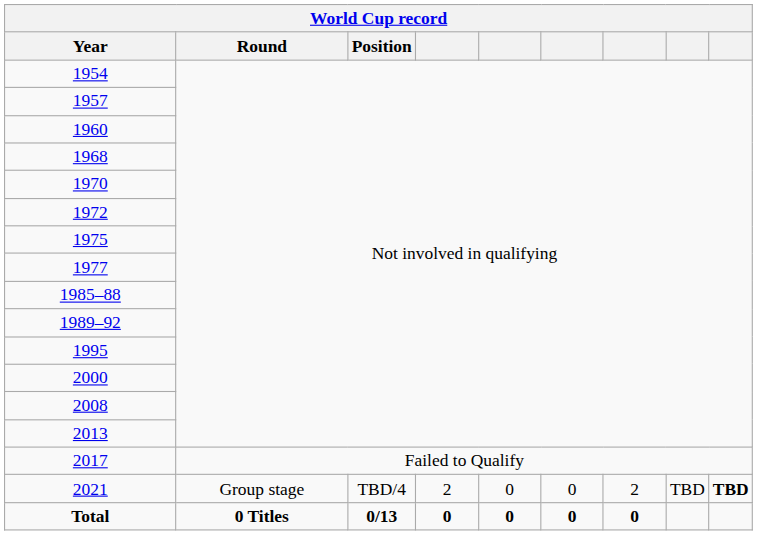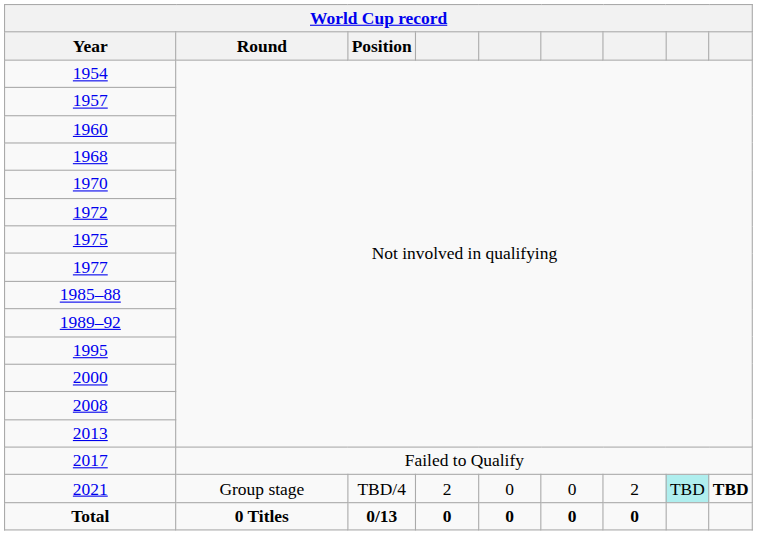 <table class="wikitable" style="text-align: center;">
 <tr>
 <th colspan="9"><a href='#'>World Cup record</a></th>
 </tr>
 <tr>
 <th width="150">Year</th>
 <th width="150">Round</th>
 <th width="50">Position</th>
 <th width="50"></th>
 <th width="50"></th>
 <th width="50"></th>
 <th width="50"></th>
 <th></th>
 <th></th>
 </tr>
 <tr>
 <td> <a href='#'>1954</a></td>
 <td colspan="8" rowspan="14">Not involved in qualifying</td>
 </tr>
 <tr>
 <td> <a href='#'>1957</a></td>
 </tr>
 <tr>
 <td> <a href='#'>1960</a></td>
 </tr>
 <tr>
 <td>  <a href='#'>1968</a></td>
 </tr>
 <tr>
 <td> <a href='#'>1970</a></td>
 </tr>
 <tr>
 <td> <a href='#'>1972</a></td>
 </tr>
 <tr>
 <td><a href='#'>1975</a></td>
 </tr>
 <tr>
 <td>  <a href='#'>1977</a></td>
 </tr>
 <tr>
 <td><a href='#'>1985–88</a></td>
 </tr>
 <tr>
 <td><a href='#'>1989–92</a></td>
 </tr>
 <tr>
 <td> <a href='#'>1995</a></td>
 </tr>
 <tr>
 <td>  <a href='#'>2000</a></td>
 </tr>
 <tr>
 <td> <a href='#'>2008</a></td>
 </tr>
 <tr>
 <td> <a href='#'>2013</a></td>
 </tr>
 <tr>
 <td> <a href='#'>2017</a></td>
 <td colspan="8">Failed to Qualify</td>
 </tr>
 <tr>
 <td> <a href='#'>2021</a></td>
 <td>Group stage</td>
 <td>TBD/4</td>
 <td>2</td>
 <td>0</td>
 <td>0</td>
 <td>2</td>
-<td>TBD</td>
+<td style="background: paleturquoise;">TBD</td>
 <td><strong>TBD</strong></td>
 </tr>
 <tr>
 <td><strong>Total</strong></td>
 <td><strong>0 Titles</strong></td>
 <td><strong>0/13</strong></td>
 <td><strong>0</strong></td>
 <td><strong>0</strong></td>
 <td><strong>0</strong></td>
 <td><strong>0</strong></td>
 <td></td>
 <td></td>
 </tr>
 </table>
